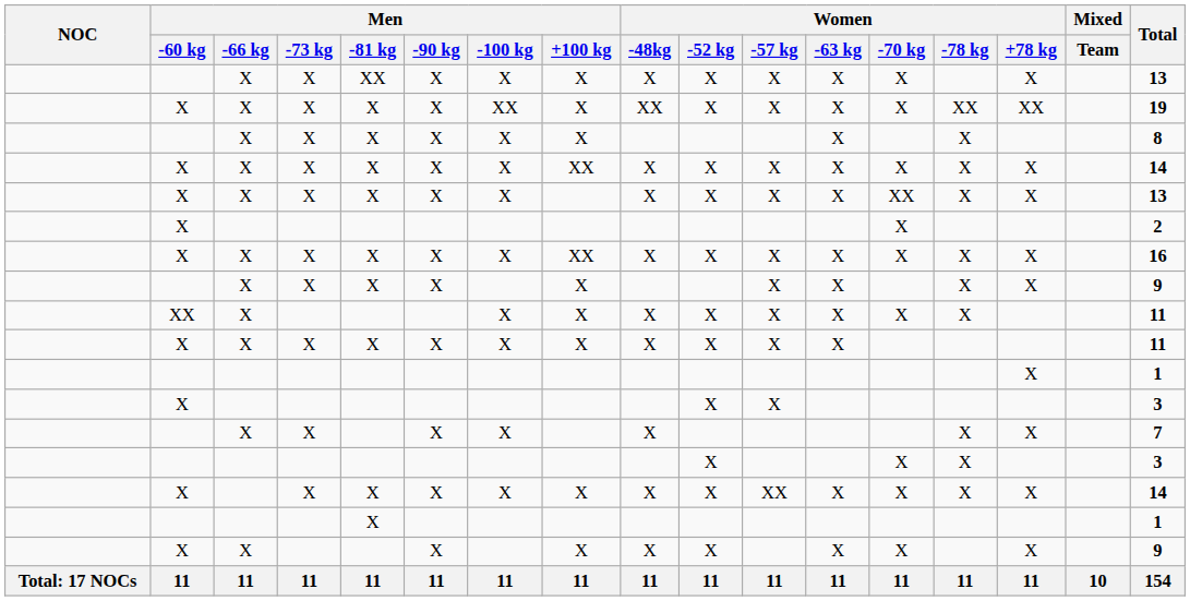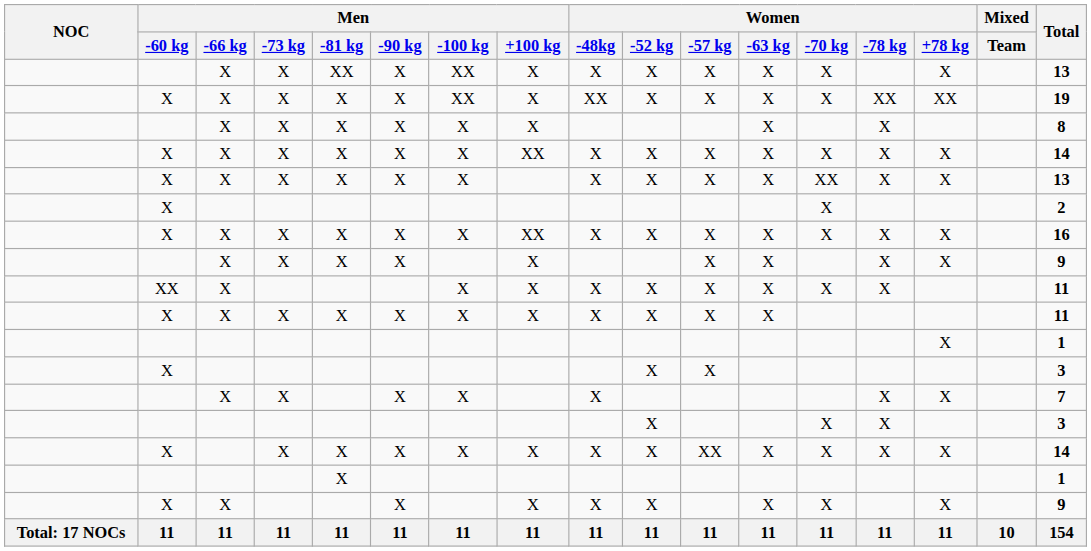 <table class="wikitable" width=950 style="text-align:center; font-size:90%">
 <tr>
 <th rowspan="2" align="left">NOC</th>
 <th colspan="7">Men</th>
 <th colspan="7">Women</th>
 <th colspan="1">Mixed</th>
 <th rowspan="2">Total</th>
 </tr>
 <tr>
 <th><a href='#'>-60 kg</a></th>
 <th><a href='#'>-66 kg</a></th>
 <th><a href='#'>-73 kg</a></th>
 <th><a href='#'>-81 kg</a></th>
 <th><a href='#'>-90 kg</a></th>
 <th><a href='#'>-100 kg</a></th>
 <th><a href='#'>+100 kg</a></th>
 <th><a href='#'>-48kg</a></th>
 <th><a href='#'>-52 kg</a></th>
 <th><a href='#'>-57 kg</a></th>
 <th><a href='#'>-63 kg</a></th>
 <th><a href='#'>-70 kg</a></th>
 <th><a href='#'>-78 kg</a></th>
 <th><a href='#'>+78 kg</a></th>
 <th>Team</th>
 </tr>
 <tr>
 <td style="text-align:left;"></td>
 <td></td>
 <td>X</td>
 <td>X</td>
 <td>XX</td>
 <td>X</td>
-<td>X</td>
+<td>XX</td>
 <td>X</td>
 <td>X</td>
 <td>X</td>
 <td>X</td>
 <td>X</td>
 <td>X</td>
 <td></td>
 <td>X</td>
 <td></td>
 <td><strong>13</strong></td>
 </tr>
 <tr>
 <td style="text-align:left;"></td>
 <td>X</td>
 <td>X</td>
 <td>X</td>
 <td>X</td>
 <td>X</td>
 <td>XX</td>
 <td>X</td>
 <td>XX</td>
 <td>X</td>
 <td>X</td>
 <td>X</td>
 <td>X</td>
 <td>XX</td>
 <td>XX</td>
 <td></td>
 <td><strong>19</strong></td>
 </tr>
 <tr>
 <td style="text-align:left;"></td>
 <td></td>
 <td>X</td>
 <td>X</td>
 <td>X</td>
 <td>X</td>
 <td>X</td>
 <td>X</td>
 <td></td>
 <td></td>
 <td></td>
 <td>X</td>
 <td></td>
 <td>X</td>
 <td></td>
 <td></td>
 <td><strong>8</strong></td>
 </tr>
 <tr>
 <td style="text-align:left;"></td>
 <td>X</td>
 <td>X</td>
 <td>X</td>
 <td>X</td>
 <td>X</td>
 <td>X</td>
 <td>XX</td>
 <td>X</td>
 <td>X</td>
 <td>X</td>
 <td>X</td>
 <td>X</td>
 <td>X</td>
 <td>X</td>
 <td></td>
 <td><strong>14</strong></td>
 </tr>
 <tr>
 <td style="text-align:left;"></td>
 <td>X</td>
 <td>X</td>
 <td>X</td>
 <td>X</td>
 <td>X</td>
 <td>X</td>
 <td></td>
 <td>X</td>
 <td>X</td>
 <td>X</td>
 <td>X</td>
 <td>XX</td>
 <td>X</td>
 <td>X</td>
 <td></td>
 <td><strong>13</strong></td>
 </tr>
 <tr>
 <td style="text-align:left;"></td>
 <td>X</td>
 <td></td>
 <td></td>
 <td></td>
 <td></td>
 <td></td>
 <td></td>
 <td></td>
 <td></td>
 <td></td>
 <td></td>
 <td>X</td>
 <td></td>
 <td></td>
 <td></td>
 <td><strong>2</strong></td>
 </tr>
 <tr>
 <td style="text-align:left;"></td>
 <td>X</td>
 <td>X</td>
 <td>X</td>
 <td>X</td>
 <td>X</td>
 <td>X</td>
 <td>XX</td>
 <td>X</td>
 <td>X</td>
 <td>X</td>
 <td>X</td>
 <td>X</td>
 <td>X</td>
 <td>X</td>
 <td></td>
 <td><strong>16</strong></td>
 </tr>
 <tr>
 <td style="text-align:left;"></td>
 <td></td>
 <td>X</td>
 <td>X</td>
 <td>X</td>
 <td>X</td>
 <td></td>
 <td>X</td>
 <td></td>
 <td></td>
 <td>X</td>
 <td>X</td>
 <td></td>
 <td>X</td>
 <td>X</td>
 <td></td>
 <td><strong>9</strong></td>
 </tr>
 <tr>
 <td style="text-align:left;"></td>
 <td>XX</td>
 <td>X</td>
 <td></td>
 <td></td>
 <td></td>
 <td>X</td>
 <td>X</td>
 <td>X</td>
 <td>X</td>
 <td>X</td>
 <td>X</td>
 <td>X</td>
 <td>X</td>
 <td></td>
 <td></td>
 <td><strong>11</strong></td>
 </tr>
 <tr>
 <td style="text-align:left;"></td>
 <td>X</td>
 <td>X</td>
 <td>X</td>
 <td>X</td>
 <td>X</td>
 <td>X</td>
 <td>X</td>
 <td>X</td>
 <td>X</td>
 <td>X</td>
 <td>X</td>
 <td></td>
 <td></td>
 <td></td>
 <td></td>
 <td><strong>11</strong></td>
 </tr>
 <tr>
 <td style="text-align:left;"></td>
 <td></td>
 <td></td>
 <td></td>
 <td></td>
 <td></td>
 <td></td>
 <td></td>
 <td></td>
 <td></td>
 <td></td>
 <td></td>
 <td></td>
 <td></td>
 <td>X</td>
 <td></td>
 <td><strong>1</strong></td>
 </tr>
 <tr>
 <td style="text-align:left;"></td>
 <td>X</td>
 <td></td>
 <td></td>
 <td></td>
 <td></td>
 <td></td>
 <td></td>
 <td></td>
 <td>X</td>
 <td>X</td>
 <td></td>
 <td></td>
 <td></td>
 <td></td>
 <td></td>
 <td><strong>3</strong></td>
 </tr>
 <tr>
 <td style="text-align:left;"></td>
 <td></td>
 <td>X</td>
 <td>X</td>
 <td></td>
 <td>X</td>
 <td>X</td>
 <td></td>
 <td>X</td>
 <td></td>
 <td></td>
 <td></td>
 <td></td>
 <td>X</td>
 <td>X</td>
 <td></td>
 <td><strong>7</strong></td>
 </tr>
 <tr>
 <td style="text-align:left;"></td>
 <td></td>
 <td></td>
 <td></td>
 <td></td>
 <td></td>
 <td></td>
 <td></td>
 <td></td>
 <td>X</td>
 <td></td>
 <td></td>
 <td>X</td>
 <td>X</td>
 <td></td>
 <td></td>
 <td><strong>3</strong></td>
 </tr>
 <tr>
 <td style="text-align:left;"></td>
 <td>X</td>
 <td></td>
 <td>X</td>
 <td>X</td>
 <td>X</td>
 <td>X</td>
 <td>X</td>
 <td>X</td>
 <td>X</td>
 <td>XX</td>
 <td>X</td>
 <td>X</td>
 <td>X</td>
 <td>X</td>
 <td></td>
 <td><strong>14</strong></td>
 </tr>
 <tr>
 <td style="text-align:left;"></td>
 <td></td>
 <td></td>
 <td></td>
 <td>X</td>
 <td></td>
 <td></td>
 <td></td>
 <td></td>
 <td></td>
 <td></td>
 <td></td>
 <td></td>
 <td></td>
 <td></td>
 <td></td>
 <td><strong>1</strong></td>
 </tr>
 <tr>
 <td style="text-align:left;"></td>
 <td>X</td>
 <td>X</td>
 <td></td>
 <td></td>
 <td>X</td>
 <td></td>
 <td>X</td>
 <td>X</td>
 <td>X</td>
 <td></td>
 <td>X</td>
 <td>X</td>
 <td></td>
 <td>X</td>
 <td></td>
 <td><strong>9</strong></td>
 </tr>
 <tr>
 <th>Total: 17 NOCs</th>
 <th>11</th>
 <th>11</th>
 <th>11</th>
 <th>11</th>
 <th>11</th>
 <th>11</th>
 <th>11</th>
 <th>11</th>
 <th>11</th>
 <th>11</th>
 <th>11</th>
 <th>11</th>
 <th>11</th>
 <th>11</th>
 <th>10</th>
 <th>154</th>
 </tr>
 </table>
